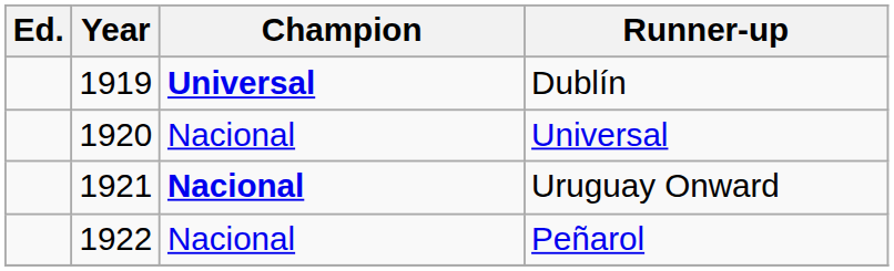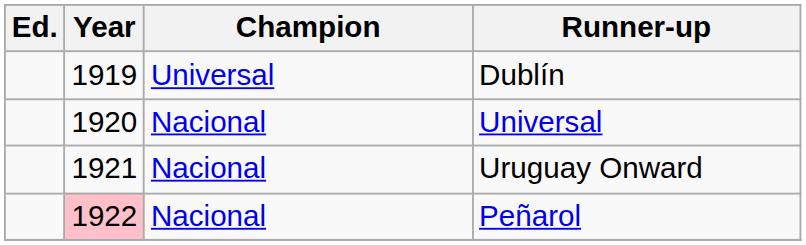 <table class="wikitable sortable" style="text-align:left">
 <tr>
 <th width=px>Ed.</th>
 <th width=>Year</th>
 <th width=170px>Champion</th>
 <th width=170px>Runner-up</th>
 </tr>
 <tr>
 <td></td>
 <td>1919</td>
-<td><strong><a href='#'>Universal</a></strong></td>
+<td><a href='#'>Universal</a></td>
 <td>Dublín</td>
 </tr>
 <tr>
 <td></td>
 <td>1920</td>
 <td><a href='#'>Nacional</a></td>
 <td><a href='#'>Universal</a></td>
 </tr>
 <tr>
 <td></td>
 <td>1921</td>
-<td><strong><a href='#'>Nacional</a></strong></td>
+<td><a href='#'>Nacional</a></td>
 <td>Uruguay Onward</td>
 </tr>
 <tr>
 <td></td>
-<td>1922</td>
+<td style="background: pink;">1922</td>
 <td><a href='#'>Nacional</a></td>
 <td><a href='#'>Peñarol</a></td>
 </tr>
 <tr>
 </tr>
 </table>
